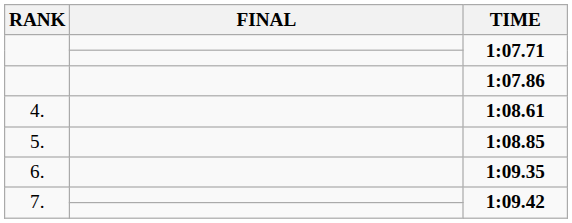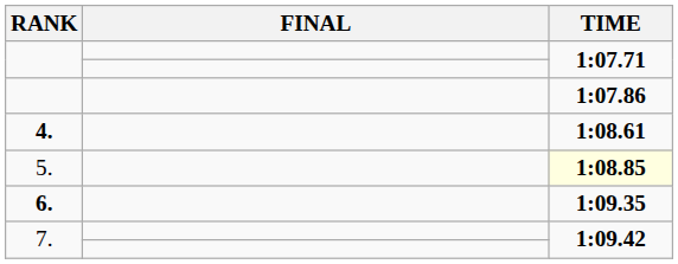 <table class="wikitable">
 <tr>
 <th>RANK</th>
 <th style="width: 20em">FINAL</th>
 <th style="width: 5em">TIME</th>
 </tr>
 <tr>
 <td rowspan=2 align="center"></td>
 <td></td>
 <td rowspan=2 align="center"><strong>1:07.71</strong></td>
 </tr>
 <tr>
 <td></td>
 </tr>
 <tr>
 <td align="center"></td>
 <td></td>
 <td align="center"><strong>1:07.86</strong></td>
 </tr>
 <tr>
-<td align="center">4.</td>
+<td align="center"><strong>4.</strong></td>
 <td></td>
 <td align="center"><strong>1:08.61</strong></td>
 </tr>
 <tr>
 <td align="center">5.</td>
 <td></td>
-<td align="center"><strong>1:08.85</strong></td>
+<td align="center" style="background: lightyellow;"><strong>1:08.85</strong></td>
 </tr>
 <tr>
-<td align="center">6.</td>
+<td align="center"><strong>6.</strong></td>
 <td></td>
 <td align="center"><strong>1:09.35</strong></td>
 </tr>
 <tr>
 <td rowspan=2 align="center">7.</td>
 <td></td>
 <td rowspan=2 align="center"><strong>1:09.42</strong></td>
 </tr>
 <tr>
 <td></td>
 </tr>
 </table>
